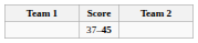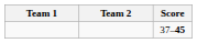 <table class="wikitable" style="text-align: center; font-size:90% ">
 <tr>
 <th align="right" width="100">Team 1</th>
+<th align="left" width="100">Team 2</th>
 <th width="50">Score</th>
-<th align="left" width="100">Team 2</th>
 </tr>
 <tr>
 <td align=right></td>
+<td align=left><strong></strong></td>
 <td align=center>37–<strong>45</strong></td>
-<td align=left><strong></strong></td>
 </tr>
 </table>
